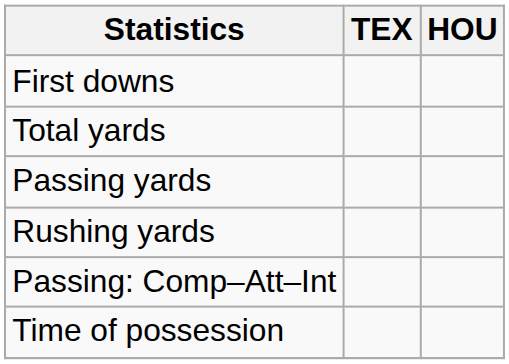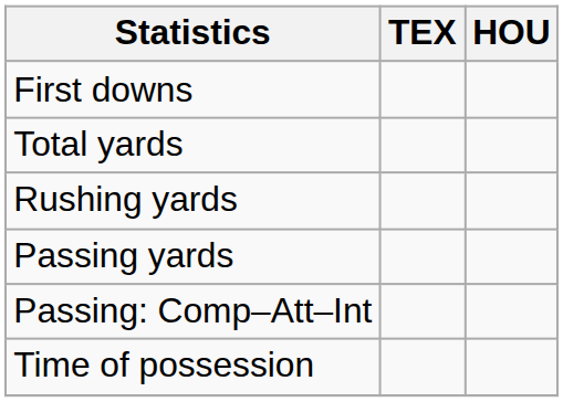 <table class="wikitable" style="float: left;">
 <tr>
 <th>Statistics</th>
 <th>TEX</th>
 <th>HOU</th>
 </tr>
 <tr>
 <td>First downs</td>
 <td></td>
 <td></td>
 </tr>
 <tr>
 <td>Total yards</td>
 <td></td>
 <td></td>
 </tr>
 <tr>
-<td>Passing yards</td>
+<td>Rushing yards</td>
 <td></td>
 <td></td>
 </tr>
 <tr>
-<td>Rushing yards</td>
+<td>Passing yards</td>
 <td></td>
 <td></td>
 </tr>
 <tr>
 <td>Passing: Comp–Att–Int</td>
 <td></td>
 <td></td>
 </tr>
 <tr>
 <td>Time of possession</td>
 <td></td>
 <td></td>
 </tr>
 <tr>
 </tr>
 </table>
